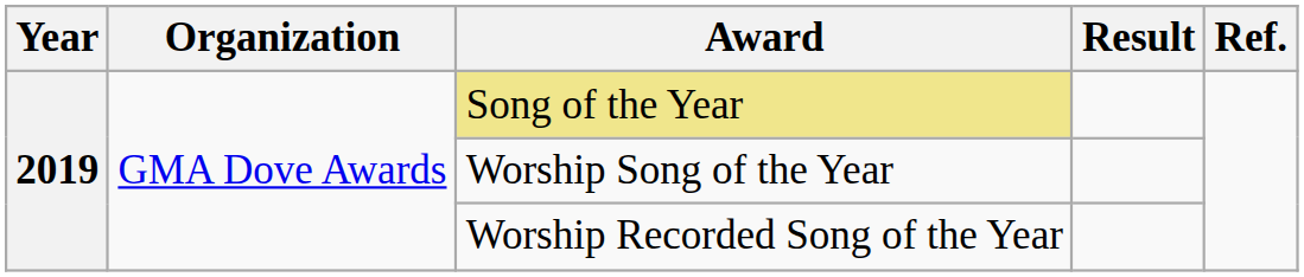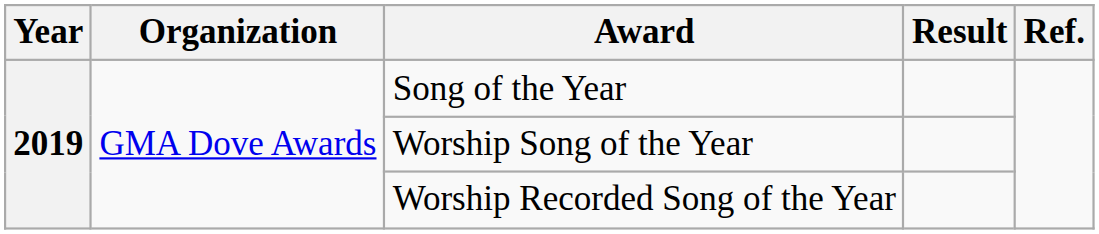 <table class="wikitable plainrowheaders">
 <tr>
 <th>Year</th>
 <th>Organization</th>
 <th>Award</th>
 <th>Result</th>
 <th>Ref.</th>
 </tr>
 <tr>
 <th scope="row" rowspan="3">2019</th>
 <td rowspan="3"><a href='#'>GMA Dove Awards</a></td>
-<td style="background: khaki;">Song of the Year</td>
+<td>Song of the Year</td>
 <td></td>
 <td style="text-align:center;" rowspan="3"> <br> </td>
 </tr>
 <tr>
 <td>Worship Song of the Year</td>
 <td></td>
 </tr>
 <tr>
 <td>Worship Recorded Song of the Year</td>
 <td></td>
 </tr>
 </table>
